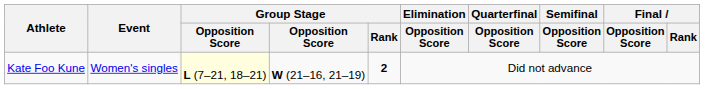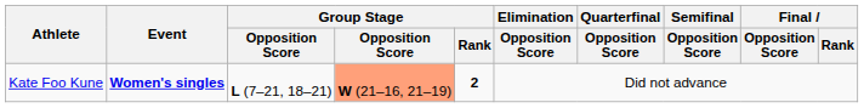 <table class="wikitable" style="font-size:90%">
 <tr>
 <th rowspan=2>Athlete</th>
 <th rowspan=2>Event</th>
 <th colspan=3>Group Stage</th>
 <th>Elimination</th>
 <th>Quarterfinal</th>
 <th>Semifinal</th>
 <th colspan=2>Final / </th>
 </tr>
 <tr style="font-size:95%">
 <th>Opposition<br>Score</th>
 <th>Opposition<br>Score</th>
 <th>Rank</th>
 <th>Opposition<br>Score</th>
 <th>Opposition<br>Score</th>
 <th>Opposition<br>Score</th>
 <th>Opposition<br>Score</th>
 <th>Rank</th>
 </tr>
 <tr align=center>
 <td align=left><a href='#'>Kate Foo Kune</a></td>
-<td align=left><a href='#'>Women's singles</a></td>
-<td style="background: lightyellow;"><br><strong>L</strong> (7–21, 18–21)</td>
-<td><br><strong>W</strong> (21–16, 21–19)</td>
+<td align=left><strong><a href='#'>Women's singles</a></strong></td>
+<td><br><strong>L</strong> (7–21, 18–21)</td>
+<td style="background: lightsalmon;"><br><strong>W</strong> (21–16, 21–19)</td>
 <td><strong>2</strong></td>
 <td colspan=5>Did not advance</td>
 </tr>
 </table>
